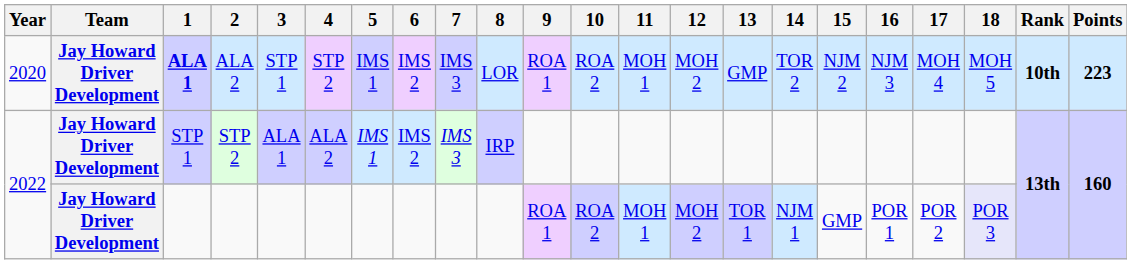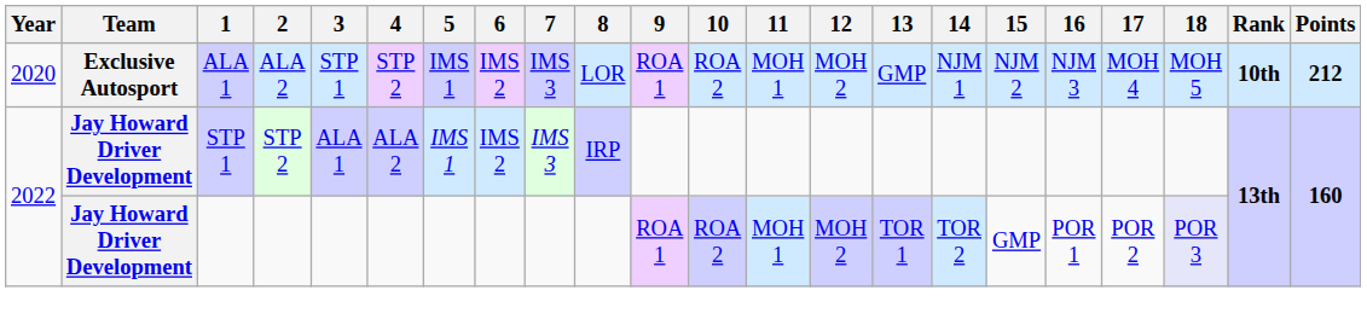 <table class="wikitable" style="text-align:center; font-size:90%">
 <tr>
 <th>Year</th>
 <th>Team</th>
 <th>1</th>
 <th>2</th>
 <th>3</th>
 <th>4</th>
 <th>5</th>
 <th>6</th>
 <th>7</th>
 <th>8</th>
 <th>9</th>
 <th>10</th>
 <th>11</th>
 <th>12</th>
 <th>13</th>
 <th>14</th>
 <th>15</th>
 <th>16</th>
 <th>17</th>
 <th>18</th>
 <th>Rank</th>
 <th>Points</th>
 </tr>
 <tr>
 <td><a href='#'>2020</a></td>
-<th><a href='#'>Jay Howard Driver Development</a></th>
-<td style="background:#CFCFFF;"><strong><a href='#'>ALA<br>1</a><br></strong></td>
+<th>Exclusive Autosport</th>
+<td style="background:#CFCFFF;"><a href='#'>ALA<br>1</a><br></td>
 <td style="background:#CFEAFF;"><a href='#'>ALA<br>2</a><br></td>
 <td style="background:#CFEAFF;"><a href='#'>STP<br>1</a><br></td>
 <td style="background:#EFCFFF;"><a href='#'>STP<br>2</a><br></td>
 <td style="background:#CFCFFF;"><a href='#'>IMS<br>1</a><br></td>
 <td style="background:#EFCFFF;"><a href='#'>IMS<br>2</a><br></td>
 <td style="background:#CFCFFF;"><a href='#'>IMS<br>3</a><br></td>
 <td style="background:#CFEAFF;"><a href='#'>LOR</a><br></td>
 <td style="background:#EFCFFF;"><a href='#'>ROA<br>1</a><br></td>
 <td style="background:#CFEAFF;"><a href='#'>ROA<br>2</a><br></td>
 <td style="background:#CFEAFF;"><a href='#'>MOH<br>1</a><br></td>
 <td style="background:#CFEAFF;"><a href='#'>MOH<br>2</a><br></td>
 <td style="background:#CFEAFF;"><a href='#'>GMP</a><br></td>
-<td style="background:#CFEAFF;"><a href='#'>TOR<br>2</a><br></td>
+<td style="background:#CFEAFF;"><a href='#'>NJM<br>1</a><br></td>
 <td style="background:#CFEAFF;"><a href='#'>NJM<br>2</a><br></td>
 <td style="background:#CFEAFF;"><a href='#'>NJM<br>3</a><br></td>
 <td style="background:#CFEAFF;"><a href='#'>MOH<br>4</a><br></td>
 <td style="background:#CFEAFF;"><a href='#'>MOH<br>5</a><br></td>
 <th style="background:#CFEAFF;">10th</th>
-<th style="background:#CFEAFF;">223</th>
+<th style="background:#CFEAFF;">212</th>
 </tr>
 <tr>
 <td rowspan="2"><a href='#'>2022</a></td>
 <th><strong><a href='#'>Jay Howard Driver Development</a></strong></th>
 <td style="background:#CFCFFF;"><a href='#'>STP<br>1</a><br></td>
 <td style="background:#DFFFDF;"><a href='#'>STP<br>2</a><br></td>
 <td style="background:#CFCFFF;"><a href='#'>ALA<br>1</a><br></td>
 <td style="background:#CFCFFF;"><a href='#'>ALA<br>2</a><br></td>
 <td style="background:#CFEAFF;"><em><a href='#'>IMS<br>1</a></em><br></td>
 <td style="background:#CFEAFF;"><a href='#'>IMS<br>2</a><br></td>
 <td style="background:#DFFFDF;"><em><a href='#'>IMS<br>3</a></em><br></td>
 <td style="background:#CFCFFF;"><a href='#'>IRP</a><br></td>
 <td></td>
 <td></td>
 <td></td>
 <td></td>
 <td></td>
 <td></td>
 <td></td>
 <td></td>
 <td></td>
 <td></td>
 <th rowspan="2" style="background:#CFCFFF;">13th</th>
 <th rowspan="2" style="background:#CFCFFF;">160</th>
 </tr>
 <tr>
 <th><a href='#'>Jay Howard Driver Development</a></th>
 <td></td>
 <td></td>
 <td></td>
 <td></td>
 <td></td>
 <td></td>
 <td></td>
 <td></td>
 <td style="background:#EFCFFF;"><a href='#'>ROA<br>1</a><br></td>
 <td style="background:#CFCFFF;"><a href='#'>ROA<br>2</a><br></td>
 <td style="background:#CFEAFF;"><a href='#'>MOH<br>1</a><br></td>
 <td style="background:#CFCFFF;"><a href='#'>MOH<br>2</a><br></td>
 <td style="background:#CFCFFF;"><a href='#'>TOR<br>1</a><br></td>
-<td style="background:#CFEAFF;"><a href='#'>NJM<br>1</a><br></td>
+<td style="background:#CFEAFF;"><a href='#'>TOR<br>2</a><br></td>
 <td><a href='#'>GMP</a></td>
 <td><a href='#'>POR<br>1</a></td>
 <td><a href='#'>POR<br>2</a></td>
 <td style="background: lavender;"><a href='#'>POR<br>3</a></td>
 </tr>
 </table>
